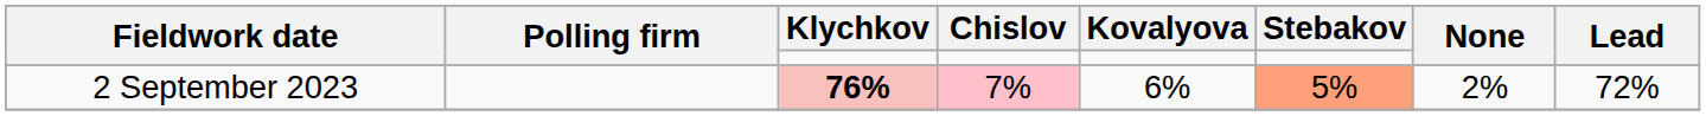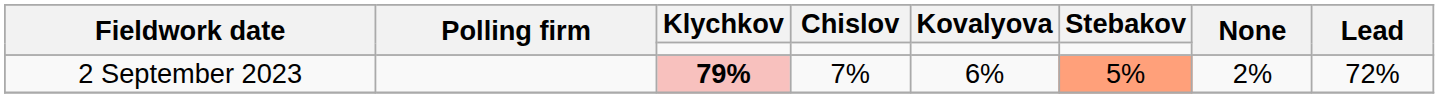 <table class=wikitable style="font-size:95%; line-height:14px; text-align:center">
 <tr>
 <th style=width:200px; rowspan=2>Fieldwork date</th>
 <th style=width:150px; rowspan=2>Polling firm</th>
 <th style="width:60px;">Klychkov</th>
 <th style="width:60px;">Chislov</th>
 <th style="width:60px;">Kovalyova</th>
 <th style="width:60px;">Stebakov</th>
 <th style="width:60px;" rowspan=2>None</th>
 <th style="width:60px;" rowspan="2">Lead</th>
 </tr>
 <tr>
 <td bgcolor=></td>
 <td bgcolor=></td>
 <td bgcolor=></td>
 <td bgcolor=></td>
 </tr>
 <tr>
 <td>2 September 2023</td>
 <td></td>
-<td style="background:#F8C1BE"><strong>76%</strong></td>
-<td style="background: pink;">7%</td>
+<td style="background:#F8C1BE"><strong>79%</strong></td>
+<td>7%</td>
 <td>6%</td>
 <td style="background: lightsalmon;">5%</td>
 <td>2%</td>
 <td style="background:">72%</td>
 </tr>
 <tr>
 </tr>
 </table>
